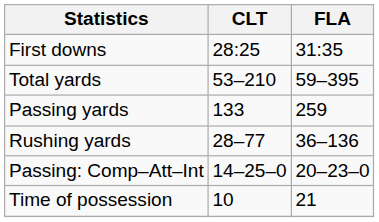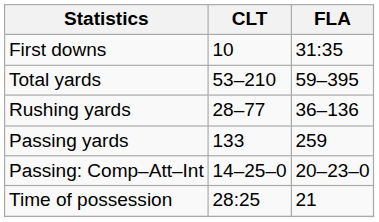 <table class="wikitable" style="float: left;">
 <tr>
 <th>Statistics</th>
 <th>CLT</th>
 <th>FLA</th>
 </tr>
 <tr>
 <td>First downs</td>
-<td>28:25</td>
+<td>10</td>
 <td>31:35</td>
 </tr>
 <tr>
 <td>Total yards</td>
 <td>53–210</td>
 <td>59–395</td>
 </tr>
 <tr>
+<td>Rushing yards</td>
+<td>28–77</td>
+<td>36–136</td>
+</tr>
+<tr>
 <td>Passing yards</td>
 <td>133</td>
 <td>259</td>
-</tr>
-<tr>
-<td>Rushing yards</td>
-<td>28–77</td>
-<td>36–136</td>
 </tr>
 <tr>
 <td>Passing: Comp–Att–Int</td>
 <td>14–25–0</td>
 <td>20–23–0</td>
 </tr>
 <tr>
 <td>Time of possession</td>
-<td>10</td>
+<td>28:25</td>
 <td>21</td>
 </tr>
 <tr>
 </tr>
 </table>
